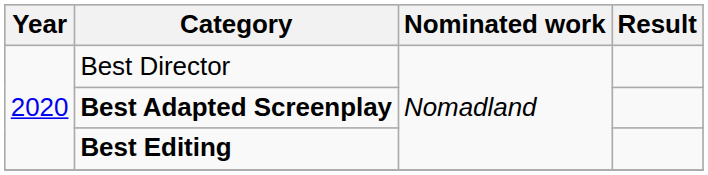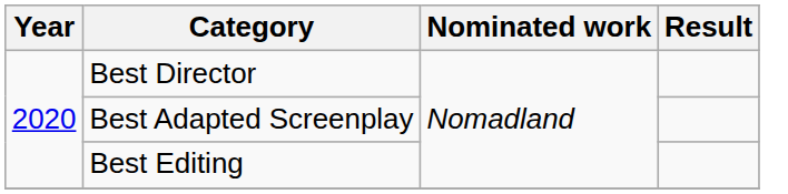 <table class="wikitable">
 <tr>
 <th>Year</th>
 <th>Category</th>
 <th>Nominated work</th>
 <th>Result</th>
 </tr>
 <tr>
 <td rowspan="3"><a href='#'>2020</a></td>
 <td>Best Director</td>
 <td rowspan=3><em>Nomadland</em></td>
 <td></td>
 </tr>
 <tr>
-<td><strong>Best Adapted Screenplay</strong></td>
+<td>Best Adapted Screenplay</td>
 <td></td>
 </tr>
 <tr>
-<td><strong>Best Editing</strong></td>
+<td>Best Editing</td>
 <td></td>
 </tr>
 <tr>
 </tr>
 </table>
